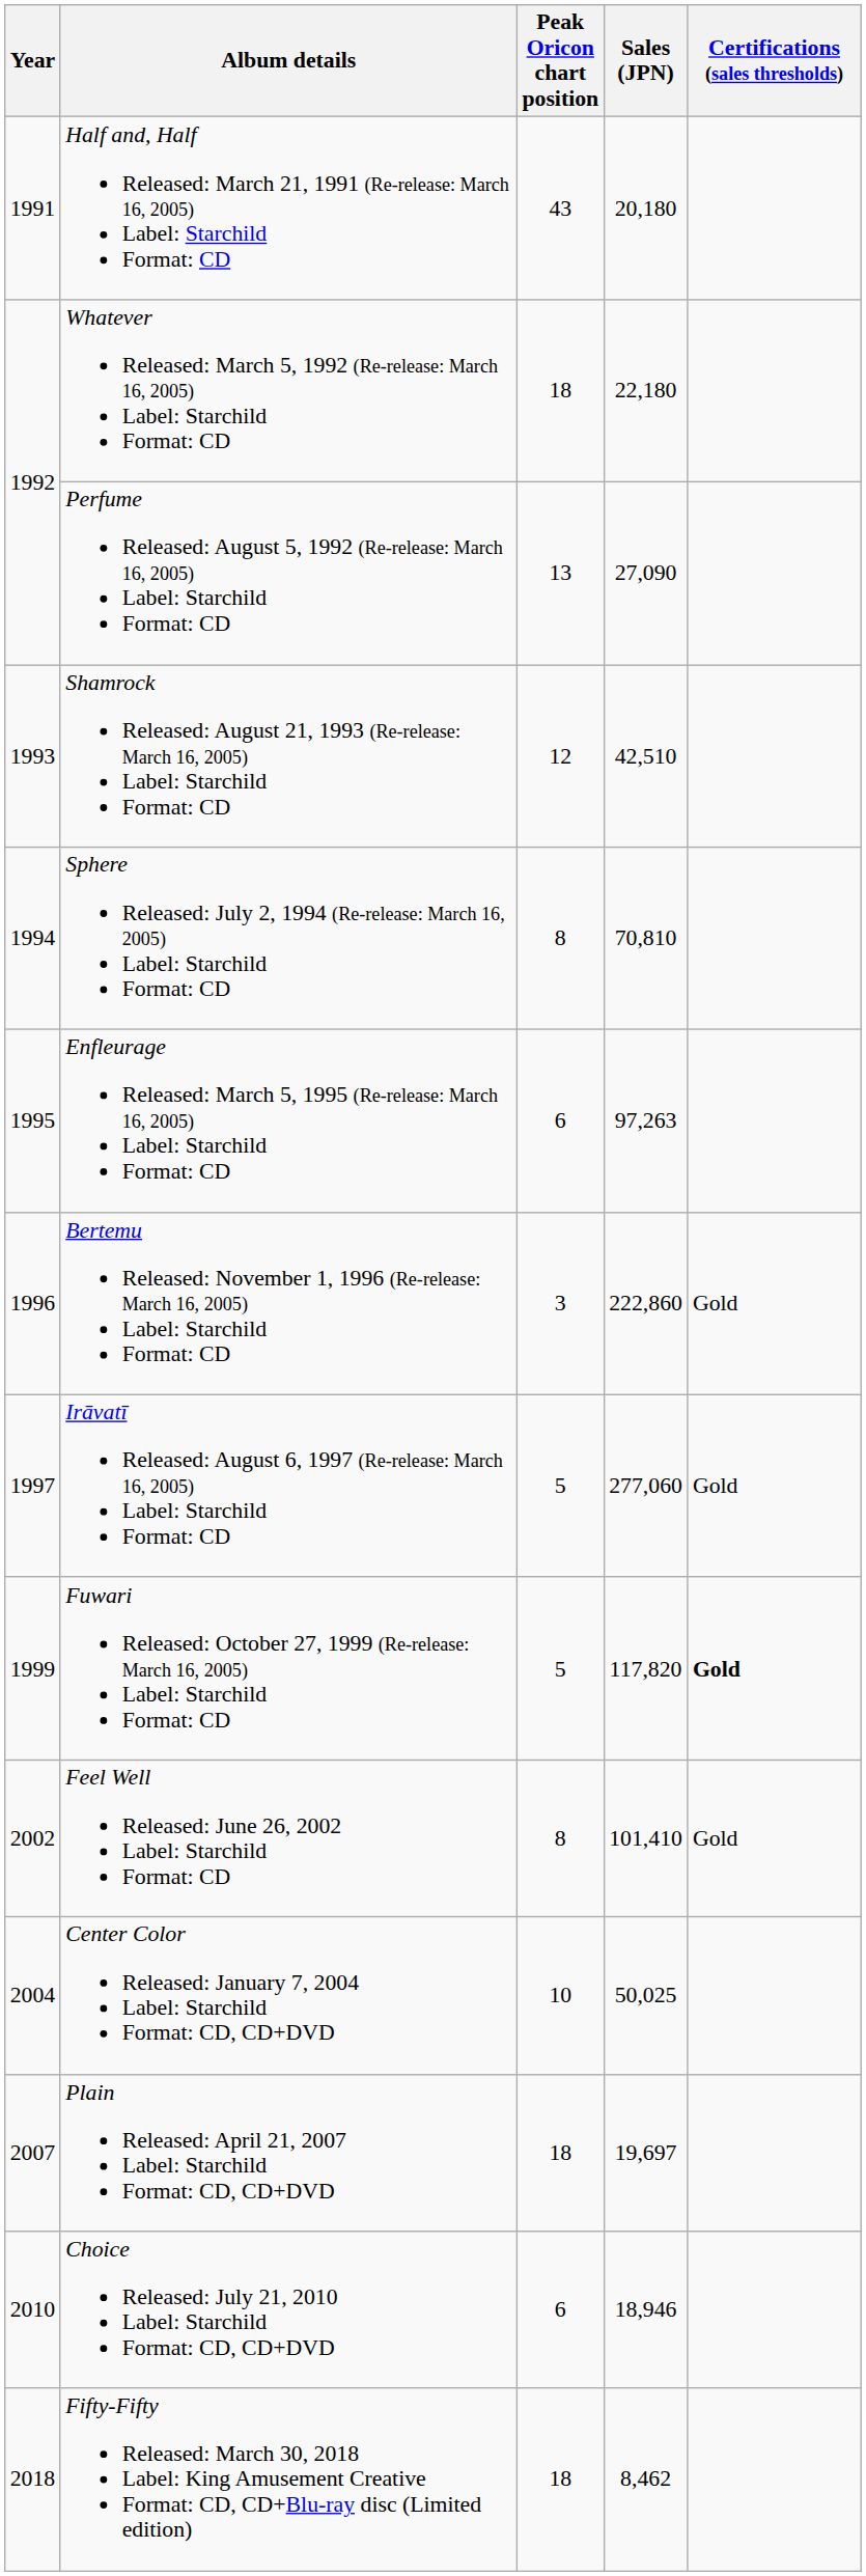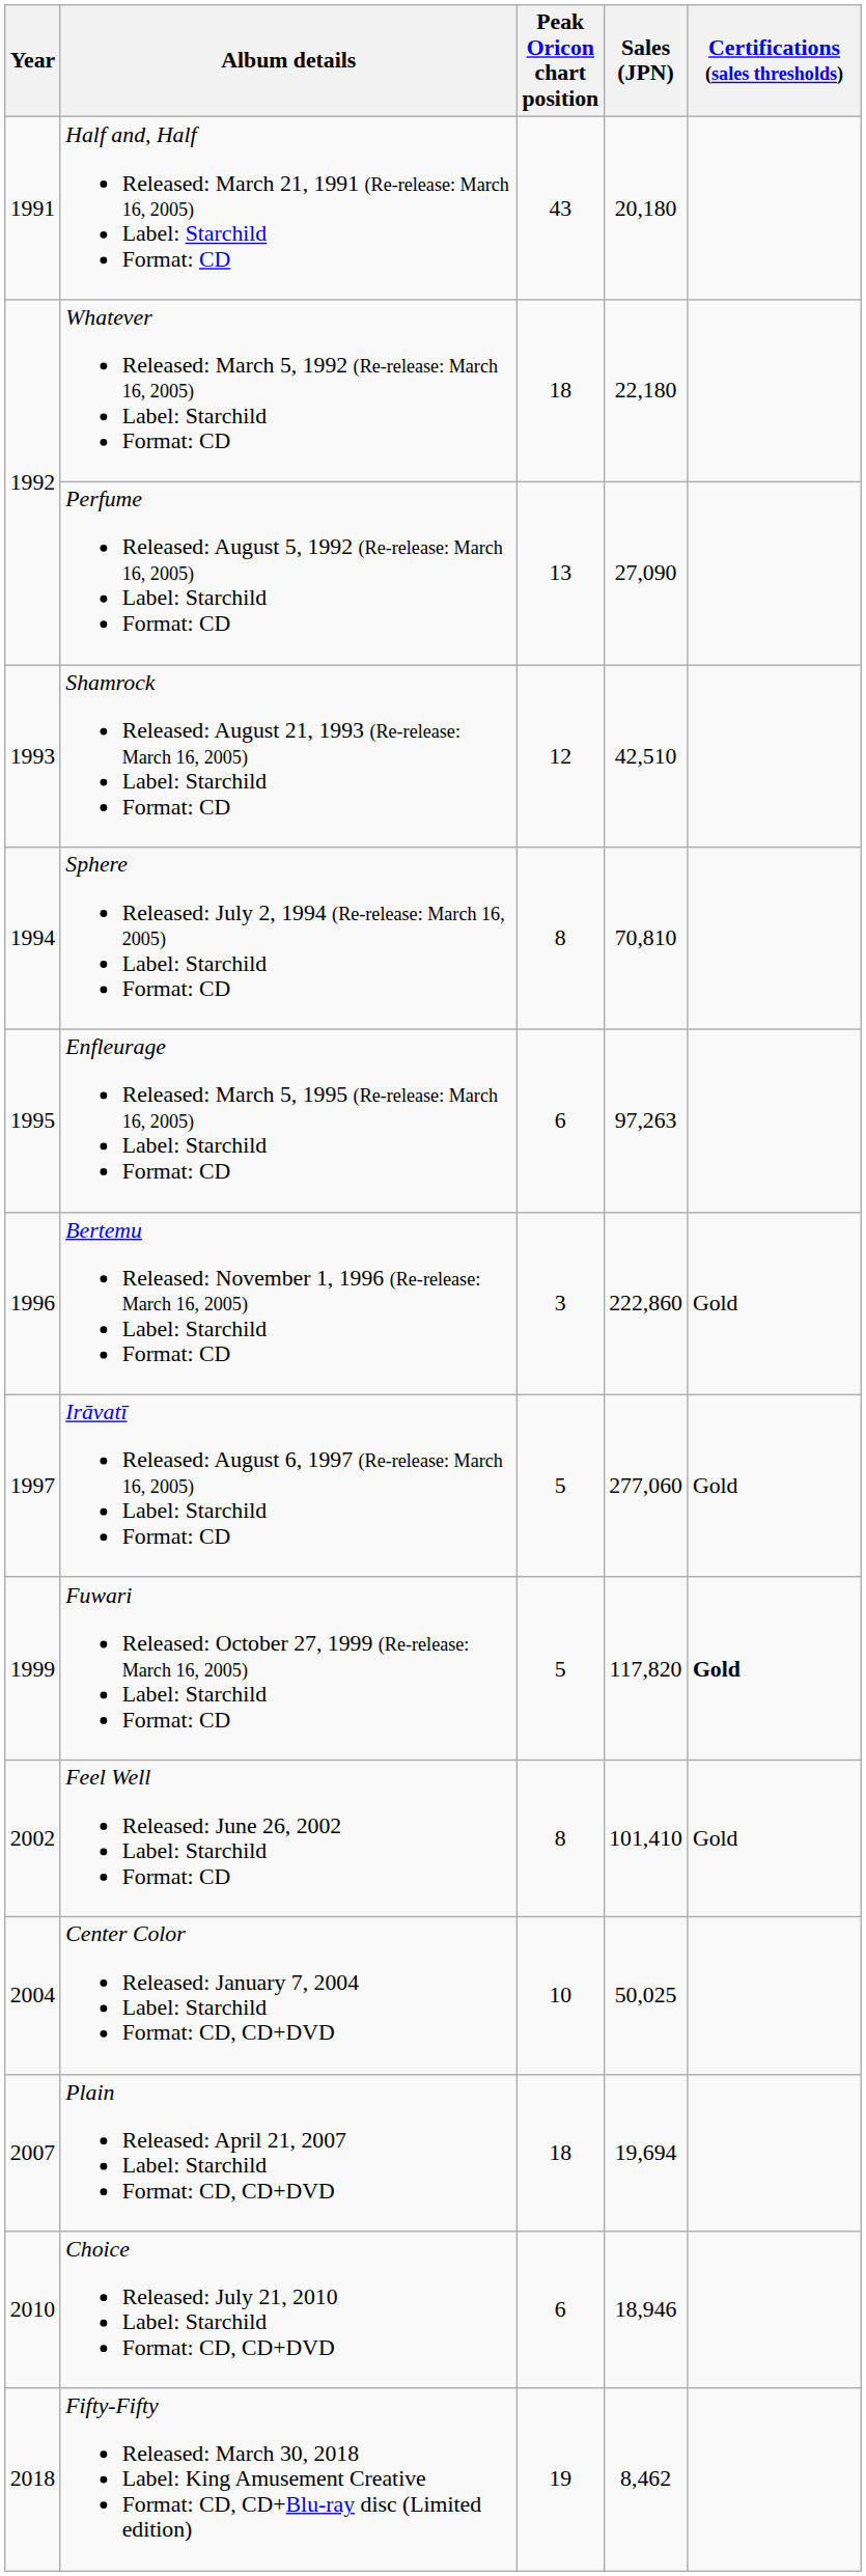 <table class="wikitable">
 <tr>
 <th rowspan="1">Year</th>
 <th rowspan="1" width="400">Album details</th>
 <th colspan="1">Peak <a href='#'>Oricon</a><br> chart position</th>
 <th colspan="1">Sales (JPN)</th>
 <th rowspan="1" width="125"><a href='#'>Certifications</a><br><small>(<a href='#'>sales thresholds</a>)</small></th>
 </tr>
 <tr>
 <td>1991</td>
 <td align="left"><em>Half and, Half</em><br><ul><li>Released: March 21, 1991 <small>(Re-release: March 16, 2005)</small></li><li>Label: <a href='#'>Starchild</a></li><li>Format: <a href='#'>CD</a></li></ul></td>
 <td align="center">43</td>
 <td align="center">20,180</td>
 <td></td>
 </tr>
 <tr>
 <td rowspan="2">1992</td>
 <td align="left"><em>Whatever</em><br><ul><li>Released: March 5, 1992 <small>(Re-release: March 16, 2005)</small></li><li>Label: Starchild</li><li>Format: CD</li></ul></td>
 <td align="center">18</td>
 <td align="center">22,180</td>
 <td></td>
 </tr>
 <tr>
 <td align="left"><em>Perfume</em><br><ul><li>Released: August 5, 1992 <small>(Re-release: March 16, 2005)</small></li><li>Label: Starchild</li><li>Format: CD</li></ul></td>
 <td align="center">13</td>
 <td align="center">27,090</td>
 <td></td>
 </tr>
 <tr>
 <td>1993</td>
 <td align="left"><em>Shamrock</em><br><ul><li>Released: August 21, 1993 <small>(Re-release: March 16, 2005)</small></li><li>Label: Starchild</li><li>Format: CD</li></ul></td>
 <td align="center">12</td>
 <td align="center">42,510</td>
 <td></td>
 </tr>
 <tr>
 <td>1994</td>
 <td align="left"><em>Sphere</em><br><ul><li>Released: July 2, 1994 <small>(Re-release: March 16, 2005)</small></li><li>Label: Starchild</li><li>Format: CD</li></ul></td>
 <td align="center">8</td>
 <td align="center">70,810</td>
 <td></td>
 </tr>
 <tr>
 <td>1995</td>
 <td align="left"><em>Enfleurage</em><br><ul><li>Released: March 5, 1995 <small>(Re-release: March 16, 2005)</small></li><li>Label: Starchild</li><li>Format: CD</li></ul></td>
 <td align="center">6</td>
 <td align="center">97,263</td>
 <td></td>
 </tr>
 <tr>
 <td>1996</td>
 <td align="left"><em><a href='#'>Bertemu</a></em><br><ul><li>Released: November 1, 1996 <small>(Re-release: March 16, 2005)</small></li><li>Label: Starchild</li><li>Format: CD</li></ul></td>
 <td align="center">3</td>
 <td align="center">222,860</td>
 <td>Gold</td>
 </tr>
 <tr>
 <td>1997</td>
 <td align="left"><em><a href='#'>Irāvatī</a></em><br><ul><li>Released: August 6, 1997 <small>(Re-release: March 16, 2005)</small></li><li>Label: Starchild</li><li>Format: CD</li></ul></td>
 <td align="center">5</td>
 <td align="center">277,060</td>
 <td>Gold</td>
 </tr>
 <tr>
 <td>1999</td>
 <td align="left"><em>Fuwari</em><br><ul><li>Released: October 27, 1999 <small>(Re-release: March 16, 2005)</small></li><li>Label: Starchild</li><li>Format: CD</li></ul></td>
 <td align="center">5</td>
 <td align="center">117,820</td>
 <td><strong>Gold</strong></td>
 </tr>
 <tr>
 <td>2002</td>
 <td align="left"><em>Feel Well</em><br><ul><li>Released: June 26, 2002</li><li>Label: Starchild</li><li>Format: CD</li></ul></td>
 <td align="center">8</td>
 <td align="center">101,410</td>
 <td>Gold</td>
 </tr>
 <tr>
 <td>2004</td>
 <td align="left"><em>Center Color</em><br><ul><li>Released: January 7, 2004</li><li>Label: Starchild</li><li>Format: CD, CD+DVD</li></ul></td>
 <td align="center">10</td>
 <td align="center">50,025</td>
 <td></td>
 </tr>
 <tr>
 <td>2007</td>
 <td align="left"><em>Plain</em><br><ul><li>Released: April 21, 2007</li><li>Label: Starchild</li><li>Format: CD, CD+DVD</li></ul></td>
 <td align="center">18</td>
-<td align="center">19,697</td>
+<td align="center">19,694</td>
 <td></td>
 </tr>
 <tr>
 <td>2010</td>
 <td align="left"><em>Choice</em><br><ul><li>Released: July 21, 2010</li><li>Label: Starchild</li><li>Format: CD, CD+DVD</li></ul></td>
 <td align="center">6</td>
 <td align="center">18,946</td>
 <td></td>
 </tr>
 <tr>
 <td>2018</td>
 <td align="left"><em>Fifty-Fifty</em><br><ul><li>Released: March 30, 2018</li><li>Label: King Amusement Creative</li><li>Format: CD, CD+<a href='#'>Blu-ray</a> disc (Limited edition)</li></ul></td>
-<td align="center">18</td>
+<td align="center">19</td>
 <td align="center">8,462</td>
 <td></td>
 </tr>
 <tr>
 </tr>
 </table>
